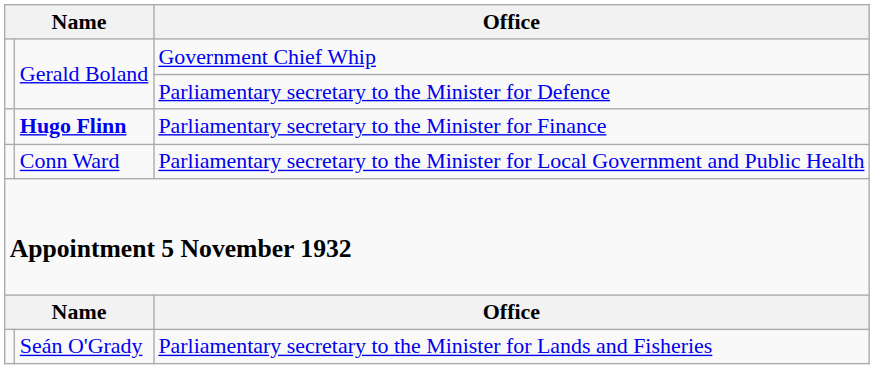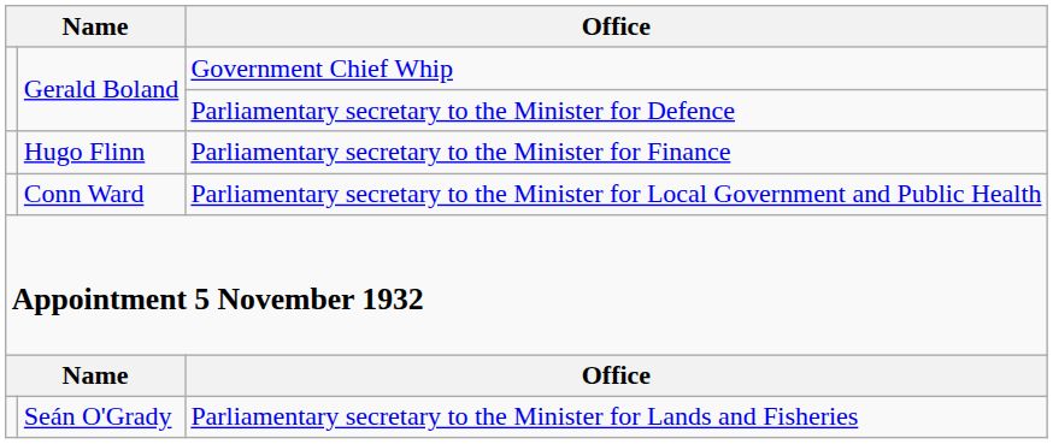 <table class="wikitable">
 <tr>
 <th colspan="2">Name</th>
 <th>Office</th>
 </tr>
 <tr>
 <td rowspan="2" style="background-color: "></td>
 <td rowspan="2"><a href='#'>Gerald Boland</a></td>
 <td><a href='#'>Government Chief Whip</a></td>
 </tr>
 <tr>
 <td><a href='#'>Parliamentary secretary to the Minister for Defence</a></td>
 </tr>
 <tr>
 <td style="background-color: "></td>
-<td><strong><a href='#'>Hugo Flinn</a></strong></td>
+<td><a href='#'>Hugo Flinn</a></td>
 <td><a href='#'>Parliamentary secretary to the Minister for Finance</a></td>
 </tr>
 <tr>
 <td style="background-color: "></td>
 <td><a href='#'>Conn Ward</a></td>
 <td><a href='#'>Parliamentary secretary to the Minister for Local Government and Public Health</a></td>
 </tr>
 <tr>
 <td colspan=4><br><h3>Appointment 5 November 1932</h3></td>
 </tr>
 <tr>
 <th colspan="2">Name</th>
 <th>Office</th>
 </tr>
 <tr>
 <td style="background-color: "></td>
 <td><a href='#'>Seán O'Grady</a></td>
 <td><a href='#'>Parliamentary secretary to the Minister for Lands and Fisheries</a></td>
 </tr>
 </table>
